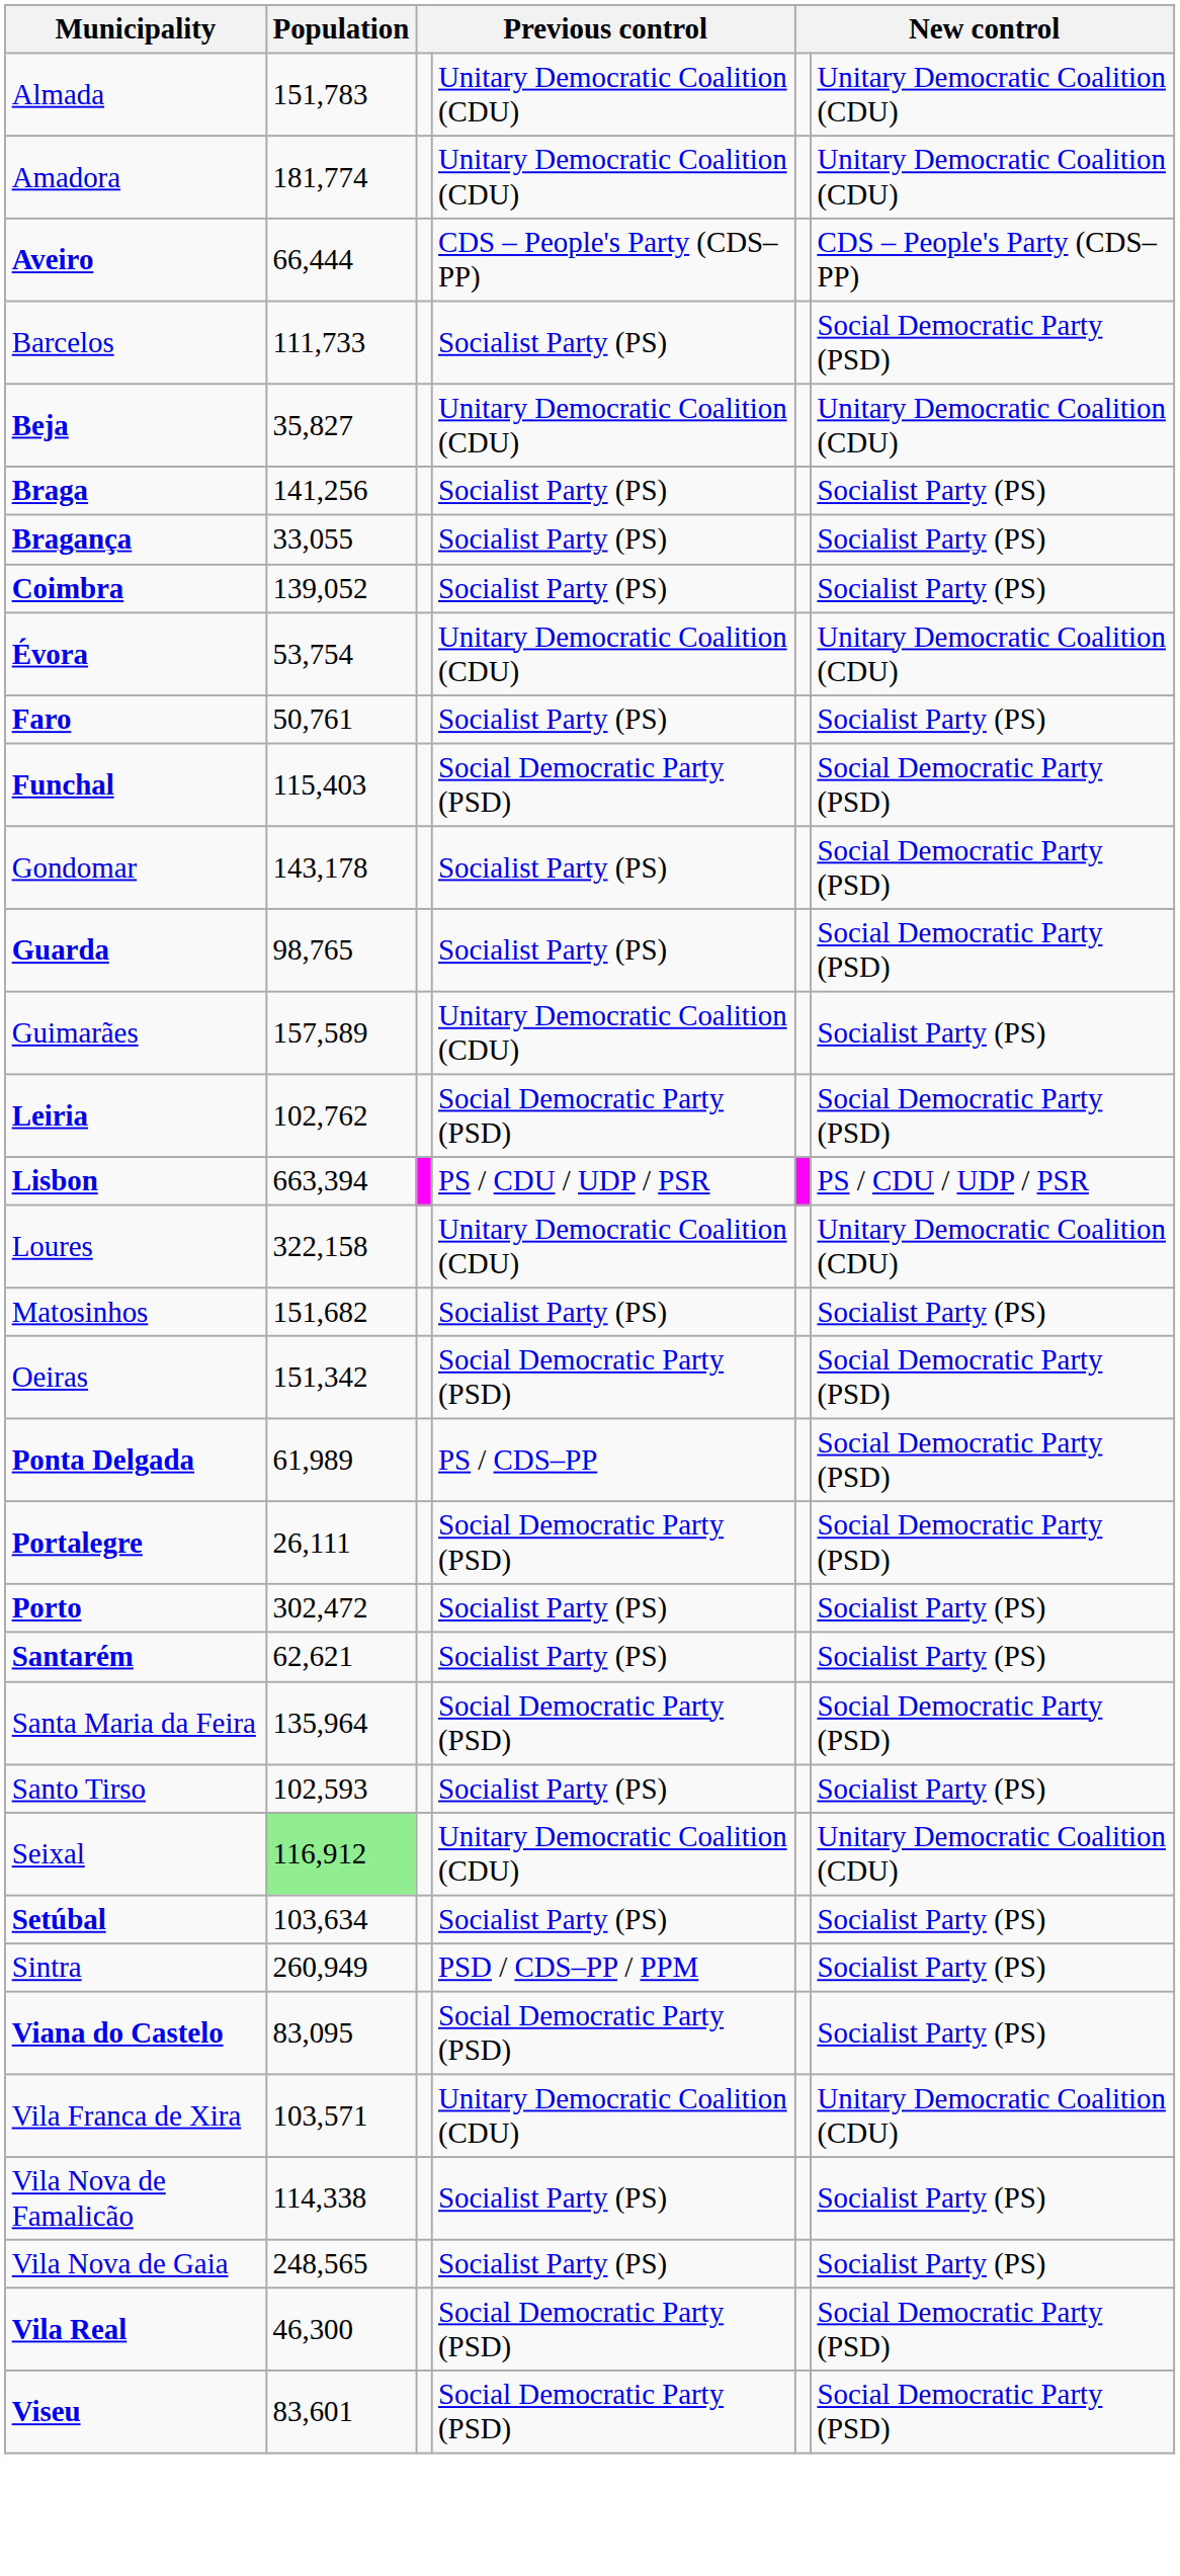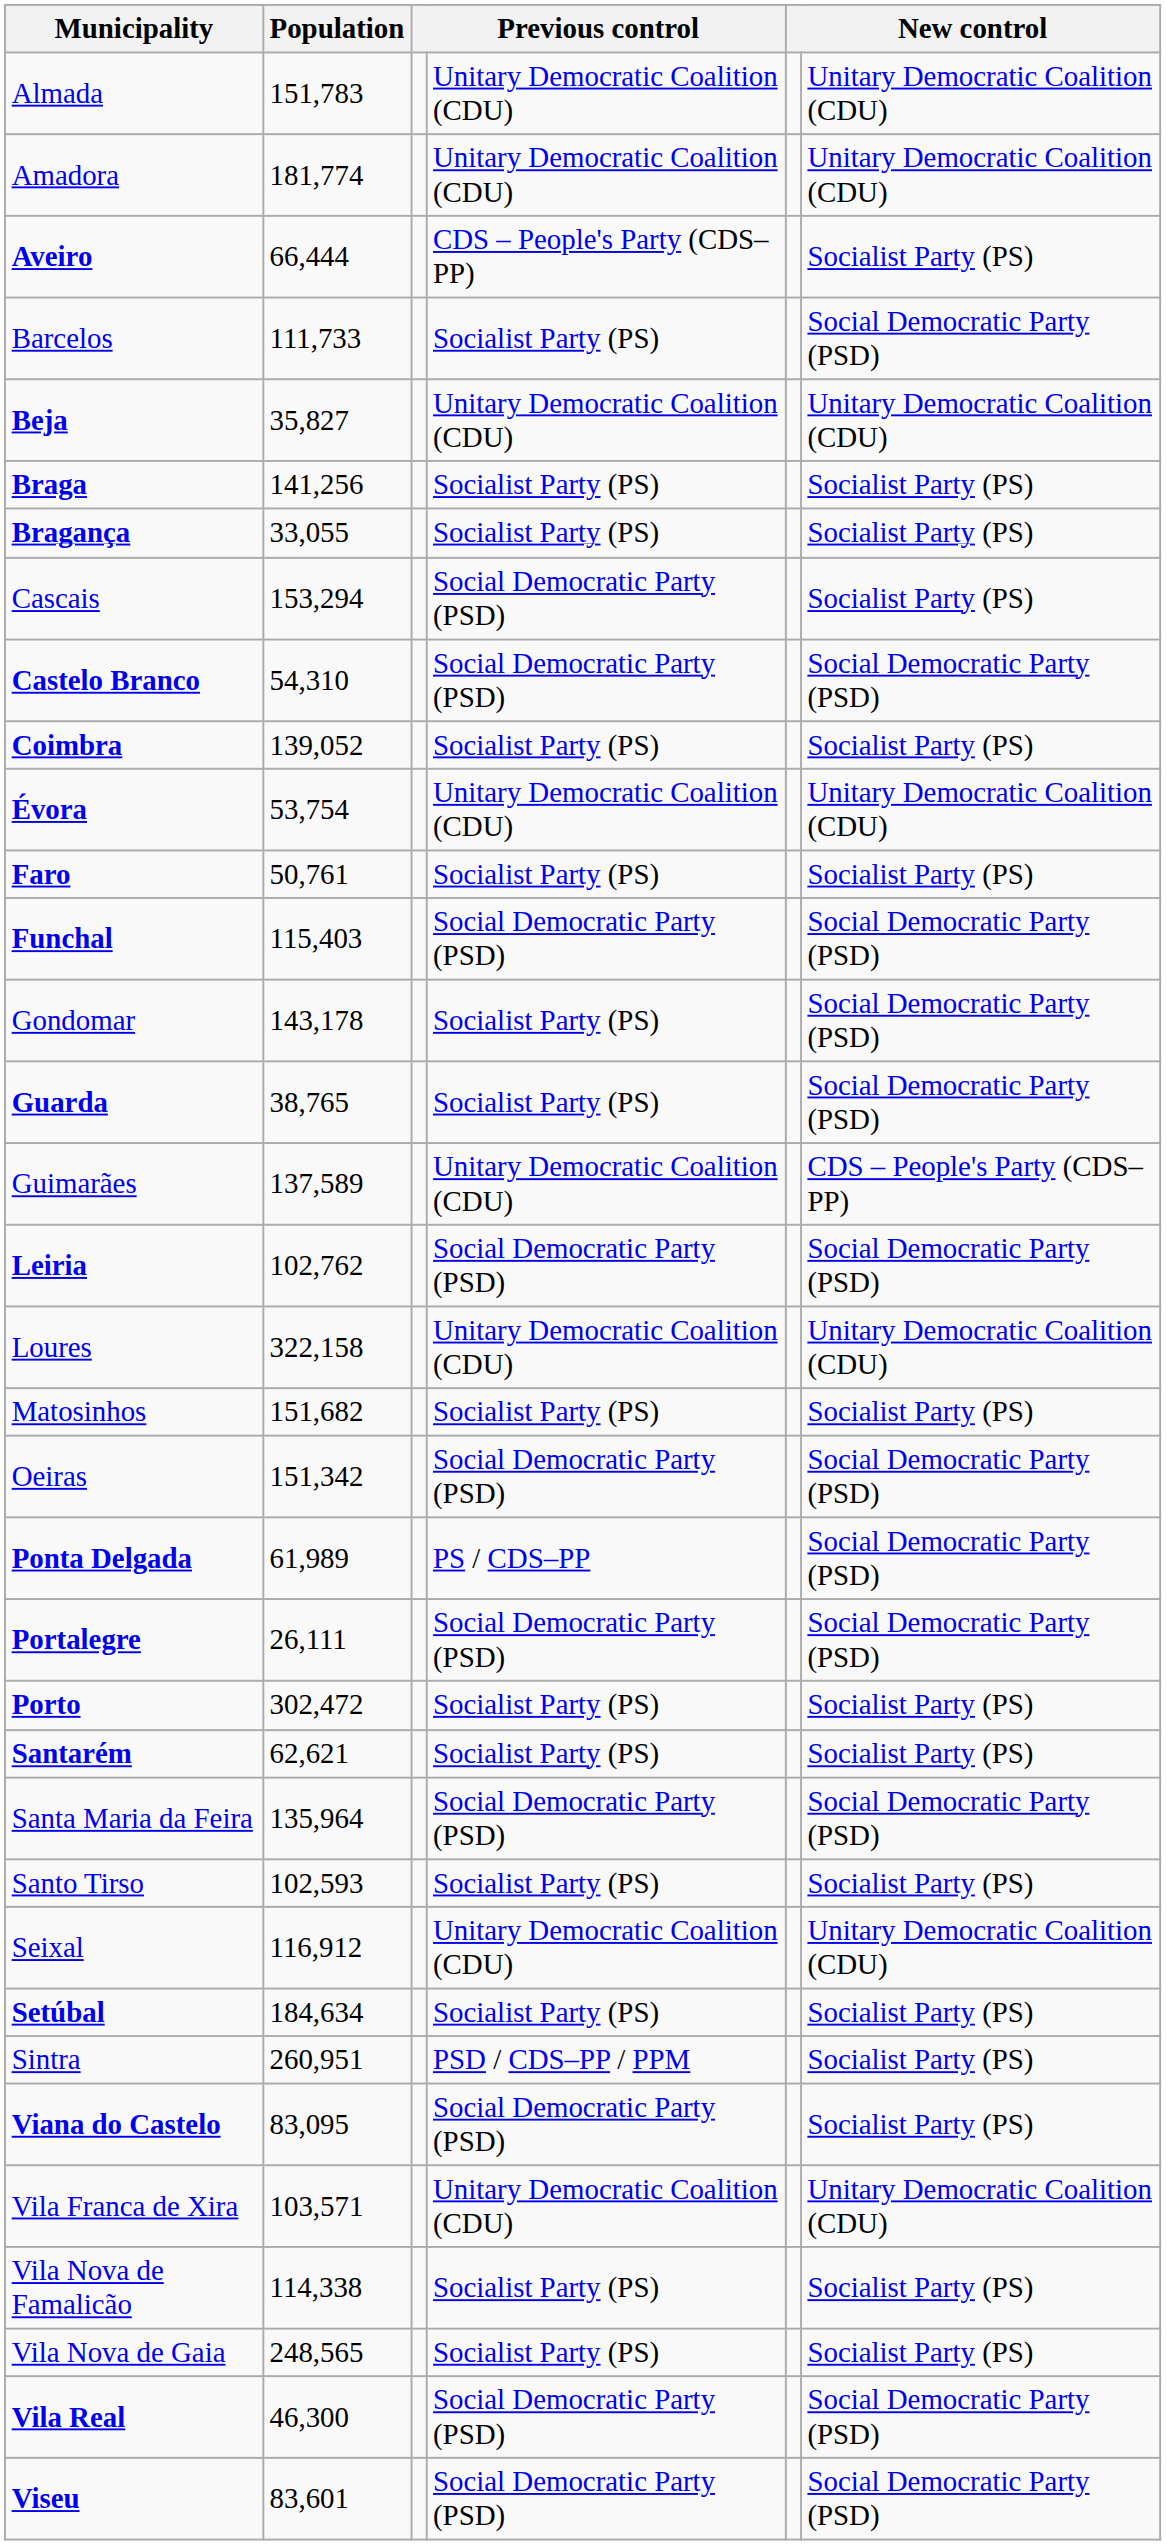 <table class="wikitable sortable" style="font-size:95%;">
 <tr>
 <th>Municipality</th>
 <th>Population</th>
 <th colspan="2" style="width:200px;">Previous control</th>
 <th colspan="2" style="width:200px;">New control</th>
 </tr>
 <tr>
 <td><a href='#'>Almada</a></td>
 <td>151,783</td>
 <td width="1" style="color:inherit;background:"></td>
 <td><a href='#'>Unitary Democratic Coalition</a> (CDU)</td>
 <td width="1" style="color:inherit;background:"></td>
 <td><a href='#'>Unitary Democratic Coalition</a> (CDU)</td>
 </tr>
 <tr>
 <td><a href='#'>Amadora</a></td>
 <td>181,774</td>
 <td width="1" style="color:inherit;background:"></td>
 <td><a href='#'>Unitary Democratic Coalition</a> (CDU)</td>
 <td width="1" style="color:inherit;background:"></td>
 <td><a href='#'>Unitary Democratic Coalition</a> (CDU)</td>
 </tr>
 <tr>
 <td><a href='#'><strong>Aveiro</strong></a></td>
 <td>66,444</td>
 <td width="1" style="color:inherit;background:"></td>
 <td><a href='#'>CDS – People's Party</a> (CDS–PP)</td>
 <td width="1" style="color:inherit;background:"></td>
-<td><a href='#'>CDS – People's Party</a> (CDS–PP)</td>
+<td><a href='#'>Socialist Party</a> (PS)</td>
 </tr>
 <tr>
 <td><a href='#'>Barcelos</a></td>
 <td>111,733</td>
 <td width="1" style="color:inherit;background:"></td>
 <td><a href='#'>Socialist Party</a> (PS)</td>
 <td width="1" style="color:inherit;background:"></td>
 <td><a href='#'>Social Democratic Party</a> (PSD)</td>
 </tr>
 <tr>
 <td><a href='#'><strong>Beja</strong></a></td>
 <td>35,827</td>
 <td width="1" style="color:inherit;background:"></td>
 <td><a href='#'>Unitary Democratic Coalition</a> (CDU)</td>
 <td width="1" style="color:inherit;background:"></td>
 <td><a href='#'>Unitary Democratic Coalition</a> (CDU)</td>
 </tr>
 <tr>
 <td><strong><a href='#'>Braga</a></strong></td>
 <td>141,256</td>
 <td width="1" style="color:inherit;background:"></td>
 <td><a href='#'>Socialist Party</a> (PS)</td>
 <td width="1" style="color:inherit;background:"></td>
 <td><a href='#'>Socialist Party</a> (PS)</td>
 </tr>
 <tr>
 <td><a href='#'><strong>Bragança</strong></a></td>
 <td>33,055</td>
 <td width="1" style="color:inherit;background:"></td>
 <td><a href='#'>Socialist Party</a> (PS)</td>
 <td width="1" style="color:inherit;background:"></td>
 <td><a href='#'>Socialist Party</a> (PS)</td>
+</tr>
+<tr>
+<td><a href='#'>Cascais</a></td>
+<td>153,294</td>
+<td width="1" style="color:inherit;background:"></td>
+<td><a href='#'>Social Democratic Party</a> (PSD)</td>
+<td width="1" style="color:inherit;background:"></td>
+<td><a href='#'>Socialist Party</a> (PS)</td>
+</tr>
+<tr>
+<td><a href='#'><strong>Castelo Branco</strong></a></td>
+<td>54,310</td>
+<td width="1" style="color:inherit;background:"></td>
+<td><a href='#'>Social Democratic Party</a> (PSD)</td>
+<td width="1" style="color:inherit;background:"></td>
+<td><a href='#'>Social Democratic Party</a> (PSD)</td>
 </tr>
 <tr>
 <td><strong><a href='#'>Coimbra</a></strong></td>
 <td>139,052</td>
 <td width="1" style="color:inherit;background:"></td>
 <td><a href='#'>Socialist Party</a> (PS)</td>
 <td width="1" style="color:inherit;background:"></td>
 <td><a href='#'>Socialist Party</a> (PS)</td>
 </tr>
 <tr>
 <td><strong><a href='#'>Évora</a></strong></td>
 <td>53,754</td>
 <td width="1" style="color:inherit;background:"></td>
 <td><a href='#'>Unitary Democratic Coalition</a> (CDU)</td>
 <td width="1" style="color:inherit;background:"></td>
 <td><a href='#'>Unitary Democratic Coalition</a> (CDU)</td>
 </tr>
 <tr>
 <td><a href='#'><strong>Faro</strong></a></td>
 <td>50,761</td>
 <td width="1" style="color:inherit;background:"></td>
 <td><a href='#'>Socialist Party</a> (PS)</td>
 <td width="1" style="color:inherit;background:"></td>
 <td><a href='#'>Socialist Party</a> (PS)</td>
 </tr>
 <tr>
 <td><strong><a href='#'>Funchal</a></strong></td>
 <td>115,403</td>
 <td width="1" style="color:inherit;background:"></td>
 <td><a href='#'>Social Democratic Party</a> (PSD)</td>
 <td width="1" style="color:inherit;background:"></td>
 <td><a href='#'>Social Democratic Party</a> (PSD)</td>
 </tr>
 <tr>
 <td><a href='#'>Gondomar</a></td>
 <td>143,178</td>
 <td width="1" style="color:inherit;background:"></td>
 <td><a href='#'>Socialist Party</a> (PS)</td>
 <td width="1" style="color:inherit;background:"></td>
 <td><a href='#'>Social Democratic Party</a> (PSD)</td>
 </tr>
 <tr>
 <td><a href='#'><strong>Guarda</strong></a></td>
-<td>98,765</td>
+<td>38,765</td>
 <td width="1" style="color:inherit;background:"></td>
 <td><a href='#'>Socialist Party</a> (PS)</td>
 <td width="1" style="color:inherit;background:"></td>
 <td><a href='#'>Social Democratic Party</a> (PSD)</td>
 </tr>
 <tr>
 <td><a href='#'>Guimarães</a></td>
-<td>157,589</td>
+<td>137,589</td>
 <td width="1" style="color:inherit;background:"></td>
 <td><a href='#'>Unitary Democratic Coalition</a> (CDU)</td>
 <td width="1" style="color:inherit;background:"></td>
-<td><a href='#'>Socialist Party</a> (PS)</td>
+<td><a href='#'>CDS – People's Party</a> (CDS–PP)</td>
 </tr>
 <tr>
 <td><strong><a href='#'>Leiria</a></strong></td>
 <td>102,762</td>
 <td width="1" style="color:inherit;background:"></td>
 <td><a href='#'>Social Democratic Party</a> (PSD)</td>
 <td width="1" style="color:inherit;background:"></td>
 <td><a href='#'>Social Democratic Party</a> (PSD)</td>
-</tr>
-<tr>
-<td><strong><a href='#'>Lisbon</a></strong></td>
-<td>663,394</td>
-<td width="1" bgcolor="magenta"></td>
-<td><a href='#'>PS</a> / <a href='#'>CDU</a> / <a href='#'>UDP</a> / <a href='#'>PSR</a></td>
-<td width="1" bgcolor="magenta"></td>
-<td><a href='#'>PS</a> / <a href='#'>CDU</a> / <a href='#'>UDP</a> / <a href='#'>PSR</a></td>
 </tr>
 <tr>
 <td><a href='#'>Loures</a></td>
 <td>322,158</td>
 <td width="1" style="color:inherit;background:"></td>
 <td><a href='#'>Unitary Democratic Coalition</a> (CDU)</td>
 <td width="1" style="color:inherit;background:"></td>
 <td><a href='#'>Unitary Democratic Coalition</a> (CDU)</td>
 </tr>
 <tr>
 <td><a href='#'>Matosinhos</a></td>
 <td>151,682</td>
 <td width="1" style="color:inherit;background:"></td>
 <td><a href='#'>Socialist Party</a> (PS)</td>
 <td width="1" style="color:inherit;background:"></td>
 <td><a href='#'>Socialist Party</a> (PS)</td>
 </tr>
 <tr>
 <td><a href='#'>Oeiras</a></td>
 <td>151,342</td>
 <td width="1" style="color:inherit;background:"></td>
 <td><a href='#'>Social Democratic Party</a> (PSD)</td>
 <td width="1" style="color:inherit;background:"></td>
 <td><a href='#'>Social Democratic Party</a> (PSD)</td>
 </tr>
 <tr>
 <td><strong><a href='#'>Ponta Delgada</a></strong></td>
 <td>61,989</td>
 <td width="1" style="color:inherit;background:"></td>
 <td><a href='#'>PS</a> / <a href='#'>CDS–PP</a></td>
 <td width="1" style="color:inherit;background:"></td>
 <td><a href='#'>Social Democratic Party</a> (PSD)</td>
 </tr>
 <tr>
 <td><a href='#'><strong>Portalegre</strong></a></td>
 <td>26,111</td>
 <td width="1" style="color:inherit;background:"></td>
 <td><a href='#'>Social Democratic Party</a> (PSD)</td>
 <td width="1" style="color:inherit;background:"></td>
 <td><a href='#'>Social Democratic Party</a> (PSD)</td>
 </tr>
 <tr>
 <td><strong><a href='#'>Porto</a></strong></td>
 <td>302,472</td>
 <td width="1" style="color:inherit;background:"></td>
 <td><a href='#'>Socialist Party</a> (PS)</td>
 <td width="1" style="color:inherit;background:"></td>
 <td><a href='#'>Socialist Party</a> (PS)</td>
 </tr>
 <tr>
 <td><a href='#'><strong>Santarém</strong></a></td>
 <td>62,621</td>
 <td width="1" style="color:inherit;background:"></td>
 <td><a href='#'>Socialist Party</a> (PS)</td>
 <td width="1" style="color:inherit;background:"></td>
 <td><a href='#'>Socialist Party</a> (PS)</td>
 </tr>
 <tr>
 <td><a href='#'>Santa Maria da Feira</a></td>
 <td>135,964</td>
 <td width="1" style="color:inherit;background:"></td>
 <td><a href='#'>Social Democratic Party</a> (PSD)</td>
 <td width="1" style="color:inherit;background:"></td>
 <td><a href='#'>Social Democratic Party</a> (PSD)</td>
 </tr>
 <tr>
 <td><a href='#'>Santo Tirso</a></td>
 <td>102,593</td>
 <td width="1" style="color:inherit;background:"></td>
 <td><a href='#'>Socialist Party</a> (PS)</td>
 <td width="1" style="color:inherit;background:"></td>
 <td><a href='#'>Socialist Party</a> (PS)</td>
 </tr>
 <tr>
 <td><a href='#'>Seixal</a></td>
-<td style="background: lightgreen;">116,912</td>
+<td>116,912</td>
 <td width="1" style="color:inherit;background:"></td>
 <td><a href='#'>Unitary Democratic Coalition</a> (CDU)</td>
 <td width="1" style="color:inherit;background:"></td>
 <td><a href='#'>Unitary Democratic Coalition</a> (CDU)</td>
 </tr>
 <tr>
 <td><strong><a href='#'>Setúbal</a></strong></td>
-<td>103,634</td>
+<td>184,634</td>
 <td width="1" style="color:inherit;background:"></td>
 <td><a href='#'>Socialist Party</a> (PS)</td>
 <td width="1" style="color:inherit;background:"></td>
 <td><a href='#'>Socialist Party</a> (PS)</td>
 </tr>
 <tr>
 <td><a href='#'>Sintra</a></td>
-<td>260,949</td>
+<td>260,951</td>
 <td width="1" style="color:inherit;background:"></td>
 <td><a href='#'>PSD</a> / <a href='#'>CDS–PP</a> / <a href='#'>PPM</a></td>
 <td width="1" style="color:inherit;background:"></td>
 <td><a href='#'>Socialist Party</a> (PS)</td>
 </tr>
 <tr>
 <td><strong><a href='#'>Viana do Castelo</a></strong></td>
 <td>83,095</td>
 <td width="1" style="color:inherit;background:"></td>
 <td><a href='#'>Social Democratic Party</a> (PSD)</td>
 <td width="1" style="color:inherit;background:"></td>
 <td><a href='#'>Socialist Party</a> (PS)</td>
 </tr>
 <tr>
 <td><a href='#'>Vila Franca de Xira</a></td>
 <td>103,571</td>
 <td width="1" style="color:inherit;background:"></td>
 <td><a href='#'>Unitary Democratic Coalition</a> (CDU)</td>
 <td width="1" style="color:inherit;background:"></td>
 <td><a href='#'>Unitary Democratic Coalition</a> (CDU)</td>
 </tr>
 <tr>
 <td><a href='#'>Vila Nova de Famalicão</a></td>
 <td>114,338</td>
 <td width="1" style="color:inherit;background:"></td>
 <td><a href='#'>Socialist Party</a> (PS)</td>
 <td width="1" style="color:inherit;background:"></td>
 <td><a href='#'>Socialist Party</a> (PS)</td>
 </tr>
 <tr>
 <td><a href='#'>Vila Nova de Gaia</a></td>
 <td>248,565</td>
 <td width="1" style="color:inherit;background:"></td>
 <td><a href='#'>Socialist Party</a> (PS)</td>
 <td width="1" style="color:inherit;background:"></td>
 <td><a href='#'>Socialist Party</a> (PS)</td>
 </tr>
 <tr>
 <td><strong><a href='#'>Vila Real</a></strong></td>
 <td>46,300</td>
 <td width="1" style="color:inherit;background:"></td>
 <td><a href='#'>Social Democratic Party</a> (PSD)</td>
 <td width="1" style="color:inherit;background:"></td>
 <td><a href='#'>Social Democratic Party</a> (PSD)</td>
 </tr>
 <tr>
 <td><strong><a href='#'>Viseu</a></strong></td>
 <td>83,601</td>
 <td width="1" style="color:inherit;background:"></td>
 <td><a href='#'>Social Democratic Party</a> (PSD)</td>
 <td width="1" style="color:inherit;background:"></td>
 <td><a href='#'>Social Democratic Party</a> (PSD)</td>
 </tr>
 </table>
